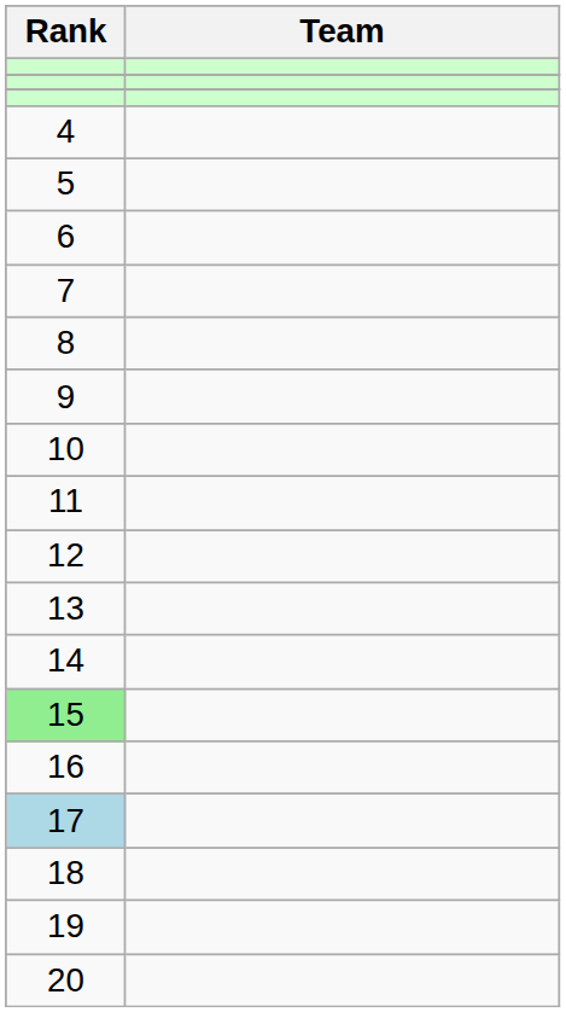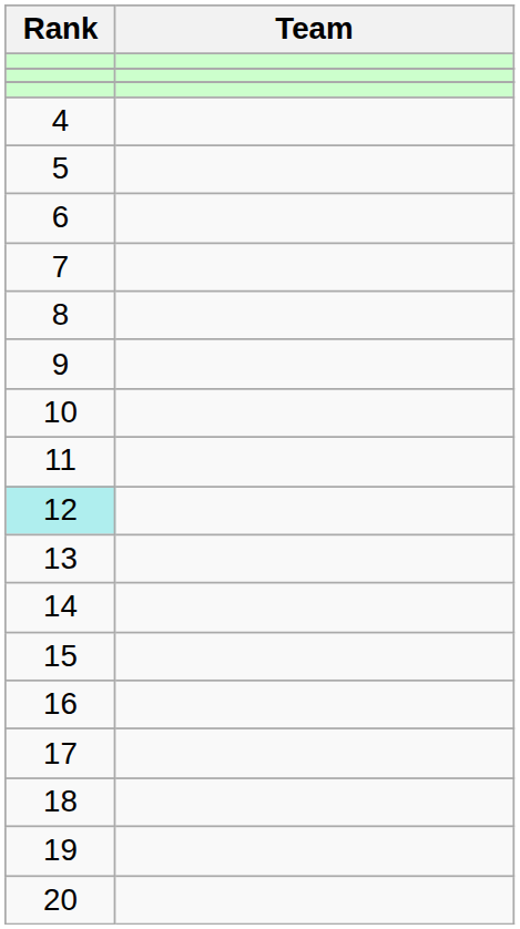 <table class="wikitable" style="text-align: center">
 <tr>
 <th width=50>Rank</th>
 <th width=200>Team</th>
 </tr>
 <tr bgcolor=ccffcc>
 <td></td>
 <td align=left></td>
 </tr>
 <tr>
 </tr>
 <tr bgcolor=ccffcc>
 <td></td>
 <td align=left></td>
 </tr>
 <tr>
 </tr>
 <tr bgcolor=ccffcc>
 <td></td>
 <td align=left></td>
 </tr>
 <tr>
 <td>4</td>
 <td align=left></td>
 </tr>
 <tr>
 <td>5</td>
 <td align=left></td>
 </tr>
 <tr>
 <td>6</td>
 <td align=left></td>
 </tr>
 <tr>
 <td>7</td>
 <td align=left></td>
 </tr>
 <tr>
 <td>8</td>
 <td align=left></td>
 </tr>
 <tr>
 <td>9</td>
 <td align=left></td>
 </tr>
 <tr>
 <td>10</td>
 <td align=left></td>
 </tr>
 <tr>
 <td>11</td>
 <td align=left></td>
 </tr>
 <tr>
-<td>12</td>
+<td style="background: paleturquoise;">12</td>
 <td align=left></td>
 </tr>
 <tr>
 <td>13</td>
 <td align=left></td>
 </tr>
 <tr>
 <td>14</td>
 <td align=left></td>
 </tr>
 <tr>
-<td style="background: lightgreen;">15</td>
+<td>15</td>
 <td align=left></td>
 </tr>
 <tr>
 <td>16</td>
 <td align=left></td>
 </tr>
 <tr>
-<td style="background: lightblue;">17</td>
+<td>17</td>
 <td align=left></td>
 </tr>
 <tr>
 <td>18</td>
 <td align=left></td>
 </tr>
 <tr>
 <td>19</td>
 <td align=left></td>
 </tr>
 <tr>
 <td>20</td>
 <td align=left></td>
 </tr>
 </table>
